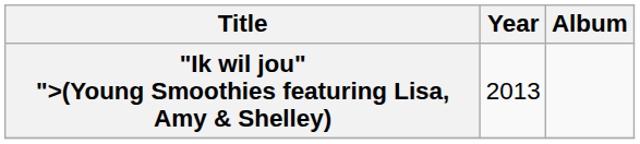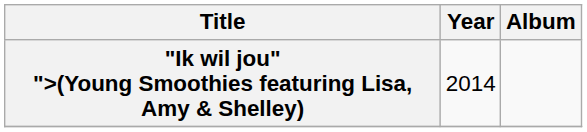 <table class="wikitable plainrowheaders" style="text-align:center;" border="1">
 <tr>
 <th scope="col" style="width:19em;">Title</th>
 <th scope="col" style="width:1em;">Year</th>
 <th scope="col">Album</th>
 </tr>
 <tr>
 <th scope="row">"Ik wil jou"<br><span>">(Young Smoothies featuring Lisa, Amy & Shelley)</span></th>
-<td>2013</td>
+<td>2014</td>
 <td></td>
 </tr>
 <tr>
 </tr>
 </table>
